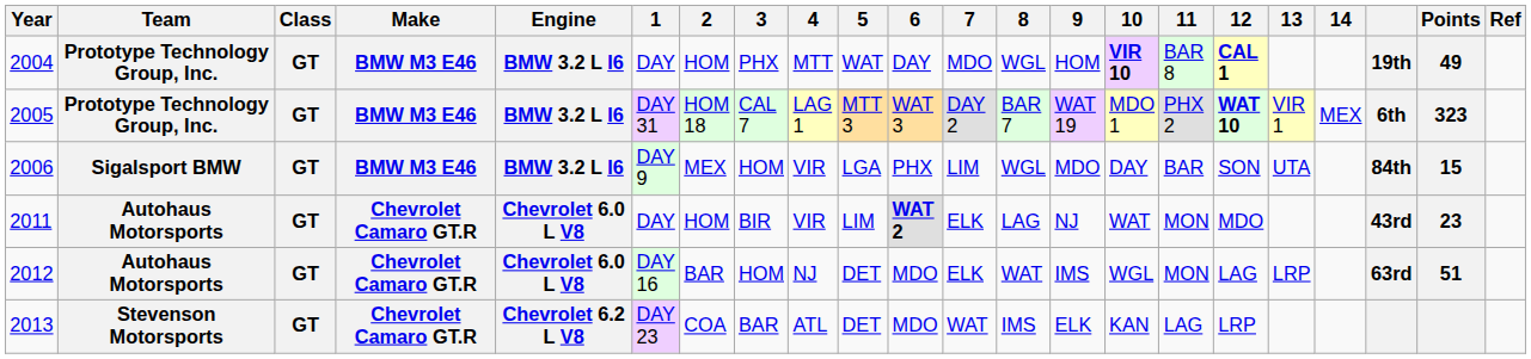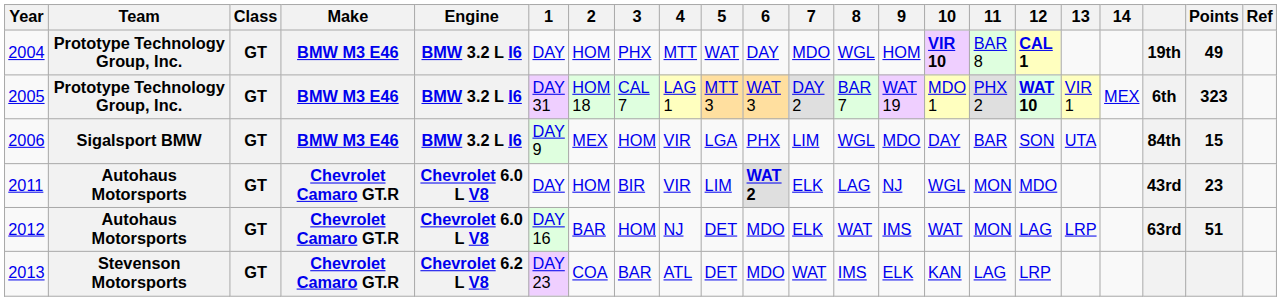 <table class="wikitable">
 <tr>
 <th>Year</th>
 <th>Team</th>
 <th>Class</th>
 <th>Make</th>
 <th>Engine</th>
 <th>1</th>
 <th>2</th>
 <th>3</th>
 <th>4</th>
 <th>5</th>
 <th>6</th>
 <th>7</th>
 <th>8</th>
 <th>9</th>
 <th>10</th>
 <th>11</th>
 <th>12</th>
 <th>13</th>
 <th>14</th>
 <th></th>
 <th>Points</th>
 <th>Ref</th>
 </tr>
 <tr>
 <td><a href='#'>2004</a></td>
 <th>Prototype Technology Group, Inc.</th>
 <th>GT</th>
 <th><a href='#'>BMW M3 E46</a></th>
 <th><a href='#'>BMW</a> 3.2 L <a href='#'>I6</a></th>
 <td><a href='#'>DAY</a></td>
 <td><a href='#'>HOM</a></td>
 <td><a href='#'>PHX</a></td>
 <td><a href='#'>MTT</a></td>
 <td><a href='#'>WAT</a></td>
 <td><a href='#'>DAY</a></td>
 <td><a href='#'>MDO</a></td>
 <td><a href='#'>WGL</a></td>
 <td><a href='#'>HOM</a></td>
 <td style="background:#EFCFFF;"><strong><a href='#'>VIR</a><br>10</strong></td>
 <td style="background:#DFFFDF;"><a href='#'>BAR</a><br>8</td>
 <td style="background:#FFFFBF;”"><strong><a href='#'>CAL</a><br>1</strong></td>
 <td></td>
 <td></td>
 <th>19th</th>
 <th>49</th>
 <td></td>
 </tr>
 <tr>
 <td><a href='#'>2005</a></td>
 <th>Prototype Technology Group, Inc.</th>
 <th>GT</th>
 <th><a href='#'>BMW M3 E46</a></th>
 <th><a href='#'>BMW</a> 3.2 L <a href='#'>I6</a></th>
 <td style="background:#EFCFFF;"><a href='#'>DAY</a><br>31</td>
 <td style="background:#DFFFDF;"><a href='#'>HOM</a><br>18</td>
 <td style="background:#DFFFDF;"><a href='#'>CAL</a><br>7</td>
 <td style="background:#FFFFBF;”"><a href='#'>LAG</a><br>1</td>
 <td style="background:#FFDF9F;”"><a href='#'>MTT</a><br>3</td>
 <td style="background:#FFDF9F;”"><a href='#'>WAT</a><br>3</td>
 <td style="background:#DFDFDF;”"><a href='#'>DAY</a><br>2</td>
 <td style="background:#DFFFDF;"><a href='#'>BAR</a><br>7</td>
 <td style="background:#EFCFFF;"><a href='#'>WAT</a><br>19</td>
 <td style="background:#FFFFBF;”"><a href='#'>MDO</a><br>1</td>
 <td style="background:#DFDFDF;”"><a href='#'>PHX</a><br>2</td>
 <td style="background:#DFFFDF;"><strong><a href='#'>WAT</a><br>10</strong></td>
 <td style="background:#FFFFBF;”"><a href='#'>VIR</a><br>1</td>
 <td><a href='#'>MEX</a></td>
 <th>6th</th>
 <th>323</th>
 <td></td>
 </tr>
 <tr>
 <td><a href='#'>2006</a></td>
 <th>Sigalsport BMW</th>
 <th>GT</th>
 <th><a href='#'>BMW M3 E46</a></th>
 <th><a href='#'>BMW</a> 3.2 L <a href='#'>I6</a></th>
 <td style="background:#DFFFDF;"><a href='#'>DAY</a><br>9</td>
 <td><a href='#'>MEX</a></td>
 <td><a href='#'>HOM</a></td>
 <td><a href='#'>VIR</a></td>
 <td><a href='#'>LGA</a></td>
 <td><a href='#'>PHX</a></td>
 <td><a href='#'>LIM</a></td>
 <td><a href='#'>WGL</a></td>
 <td><a href='#'>MDO</a></td>
 <td><a href='#'>DAY</a></td>
 <td><a href='#'>BAR</a></td>
 <td><a href='#'>SON</a></td>
 <td><a href='#'>UTA</a></td>
 <td></td>
 <th>84th</th>
 <th>15</th>
 <td></td>
 </tr>
 <tr>
 <td><a href='#'>2011</a></td>
 <th>Autohaus Motorsports</th>
 <th>GT</th>
 <th><a href='#'>Chevrolet Camaro</a> GT.R</th>
 <th><a href='#'>Chevrolet</a> 6.0 L <a href='#'>V8</a></th>
 <td><a href='#'>DAY</a></td>
 <td><a href='#'>HOM</a></td>
 <td><a href='#'>BIR</a></td>
 <td><a href='#'>VIR</a></td>
 <td><a href='#'>LIM</a></td>
 <td style="background:#DFDFDF;”"><strong><a href='#'>WAT</a><br>2</strong></td>
 <td><a href='#'>ELK</a></td>
 <td><a href='#'>LAG</a></td>
 <td><a href='#'>NJ</a></td>
-<td><a href='#'>WAT</a></td>
+<td><a href='#'>WGL</a></td>
 <td><a href='#'>MON</a></td>
 <td><a href='#'>MDO</a></td>
 <td></td>
 <td></td>
 <th>43rd</th>
 <th>23</th>
 <td></td>
 </tr>
 <tr>
 <td><a href='#'>2012</a></td>
 <th>Autohaus Motorsports</th>
 <th>GT</th>
 <th><a href='#'>Chevrolet Camaro</a> GT.R</th>
 <th><a href='#'>Chevrolet</a> 6.0 L <a href='#'>V8</a></th>
 <td style="background:#DFFFDF;"><a href='#'>DAY</a><br>16</td>
 <td><a href='#'>BAR</a></td>
 <td><a href='#'>HOM</a></td>
 <td><a href='#'>NJ</a></td>
 <td><a href='#'>DET</a></td>
 <td><a href='#'>MDO</a></td>
 <td><a href='#'>ELK</a></td>
 <td><a href='#'>WAT</a></td>
 <td><a href='#'>IMS</a></td>
-<td><a href='#'>WGL</a></td>
+<td><a href='#'>WAT</a></td>
 <td><a href='#'>MON</a></td>
 <td><a href='#'>LAG</a></td>
 <td><a href='#'>LRP</a></td>
 <td></td>
 <th>63rd</th>
 <th>51</th>
 <td></td>
 </tr>
 <tr>
 <td><a href='#'>2013</a></td>
 <th>Stevenson Motorsports</th>
 <th>GT</th>
 <th><a href='#'>Chevrolet Camaro</a> GT.R</th>
 <th><a href='#'>Chevrolet</a> 6.2 L <a href='#'>V8</a></th>
 <td style="background:#EFCFFF;"><a href='#'>DAY</a><br>23</td>
 <td><a href='#'>COA</a></td>
 <td><a href='#'>BAR</a></td>
 <td><a href='#'>ATL</a></td>
 <td><a href='#'>DET</a></td>
 <td><a href='#'>MDO</a></td>
 <td><a href='#'>WAT</a></td>
 <td><a href='#'>IMS</a></td>
 <td><a href='#'>ELK</a></td>
 <td><a href='#'>KAN</a></td>
 <td><a href='#'>LAG</a></td>
 <td><a href='#'>LRP</a></td>
 <td></td>
 <td></td>
 <th></th>
 <th></th>
 <td></td>
 </tr>
 </table>
